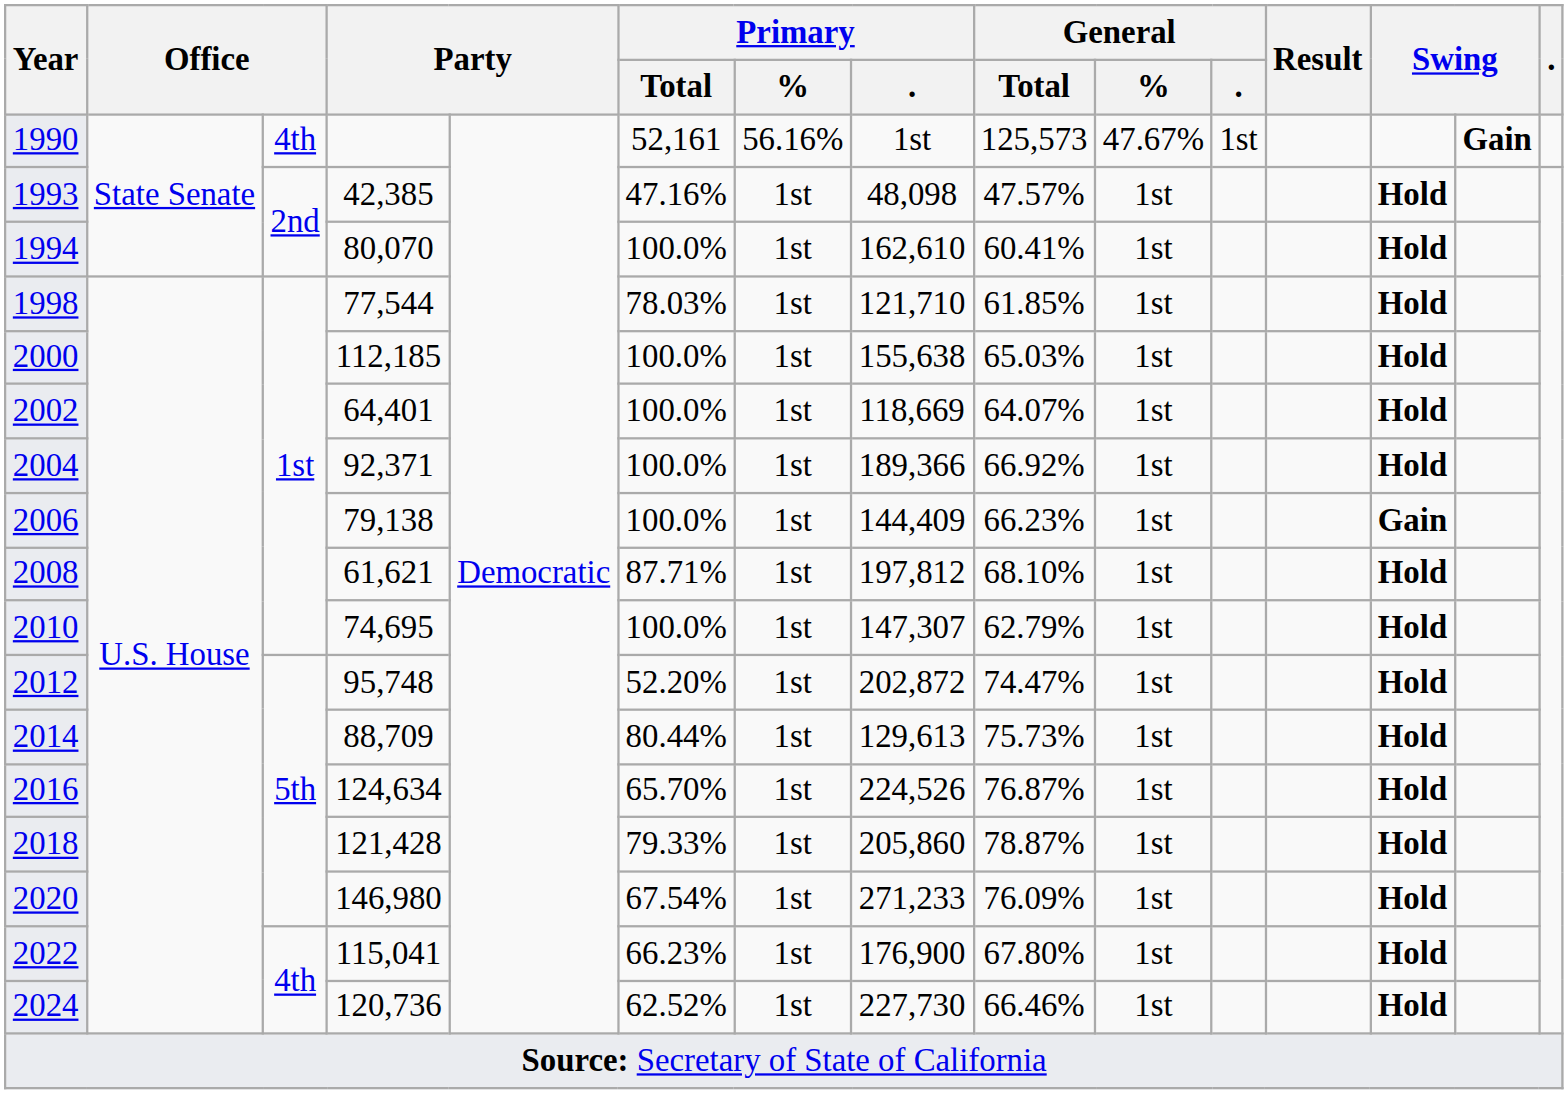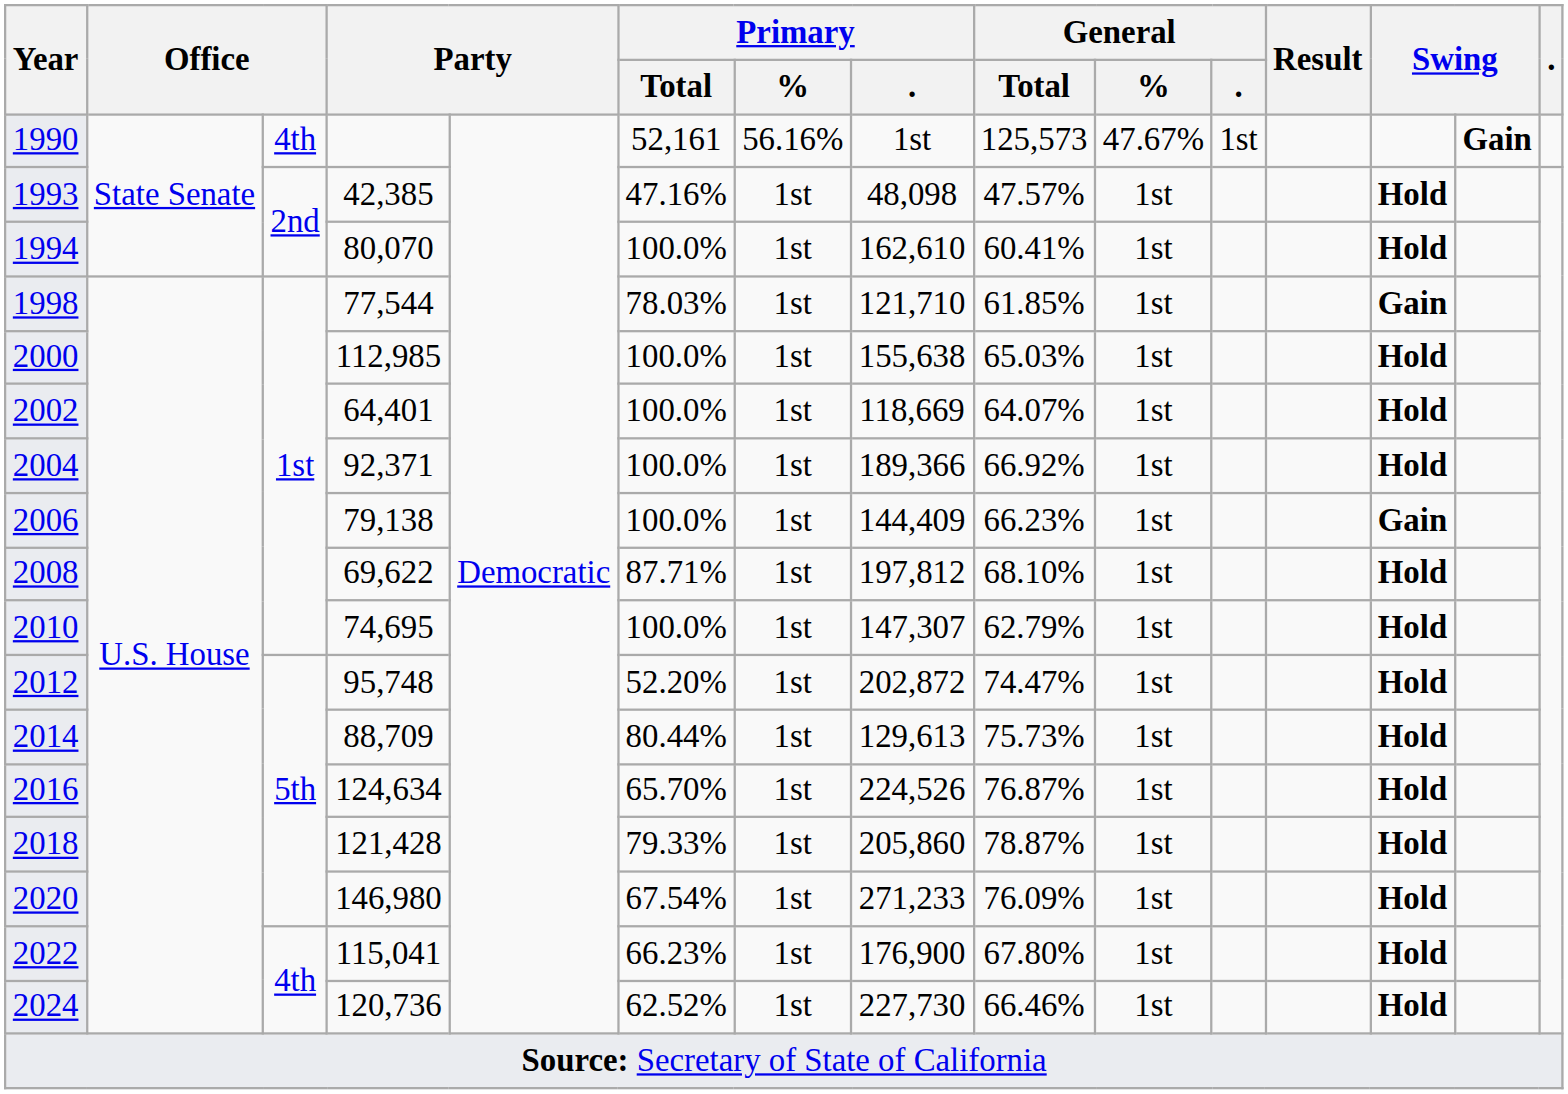 <table class="wikitable" style="font-size: 90%; text-align:center;">
 <tr>
 <th rowspan=2>Year</th>
 <th colspan=2 rowspan=2>Office</th>
 <th colspan=2 rowspan=2>Party</th>
 <th colspan=3><a href='#'>Primary</a></th>
 <th colspan=3>General</th>
 <th rowspan=2>Result</th>
 <th colspan=2 rowspan=2><a href='#'>Swing</a></th>
 <th rowspan=2>.</th>
 </tr>
 <tr>
 <th>Total</th>
 <th>%</th>
 <th>.</th>
 <th>Total</th>
 <th>%</th>
 <th>.</th>
 </tr>
 <tr>
 <td style="background-color:#EAECF0;"><a href='#'>1990</a></td>
 <td rowspan=3><a href='#'>State Senate</a></td>
 <td><a href='#'>4th</a></td>
 <td style="background-color:"></td>
 <td rowspan=17><a href='#'>Democratic</a></td>
 <td>52,161</td>
 <td>56.16%</td>
 <td>1st</td>
 <td>125,573</td>
 <td>47.67%</td>
 <td>1st</td>
 <td></td>
 <td style="background-color:"></td>
 <td><strong>Gain</strong></td>
 <td></td>
 </tr>
 <tr>
 <td style="background-color:#EAECF0;"><a href='#'>1993</a></td>
 <td rowspan=2><a href='#'>2nd</a></td>
 <td>42,385</td>
 <td>47.16%</td>
 <td>1st</td>
 <td>48,098</td>
 <td>47.57%</td>
 <td>1st</td>
 <td></td>
 <td style="background-color:"></td>
 <td><strong>Hold</strong></td>
 <td></td>
 </tr>
 <tr>
 <td style="background-color:#EAECF0;"><a href='#'>1994</a></td>
 <td>80,070</td>
 <td>100.0%</td>
 <td>1st</td>
 <td>162,610</td>
 <td>60.41%</td>
 <td>1st</td>
 <td></td>
 <td style="background-color:"></td>
 <td><strong>Hold</strong></td>
 <td></td>
 </tr>
 <tr>
 <td style="background-color:#EAECF0;"><a href='#'>1998</a></td>
 <td rowspan=14><a href='#'>U.S. House</a></td>
 <td rowspan=7><a href='#'>1st</a></td>
 <td>77,544</td>
 <td>78.03%</td>
 <td>1st</td>
 <td>121,710</td>
 <td>61.85%</td>
 <td>1st</td>
 <td></td>
 <td style="background-color:"></td>
-<td><strong>Hold</strong></td>
+<td><strong>Gain</strong></td>
 <td></td>
 </tr>
 <tr>
 <td style="background-color:#EAECF0;"><a href='#'>2000</a></td>
-<td>112,185</td>
+<td>112,985</td>
 <td>100.0%</td>
 <td>1st</td>
 <td>155,638</td>
 <td>65.03%</td>
 <td>1st</td>
 <td></td>
 <td style="background-color:"></td>
 <td><strong>Hold</strong></td>
 <td></td>
 </tr>
 <tr>
 <td style="background-color:#EAECF0;"><a href='#'>2002</a></td>
 <td>64,401</td>
 <td>100.0%</td>
 <td>1st</td>
 <td>118,669</td>
 <td>64.07%</td>
 <td>1st</td>
 <td></td>
 <td style="background-color:"></td>
 <td><strong>Hold</strong></td>
 <td></td>
 </tr>
 <tr>
 <td style="background-color:#EAECF0;"><a href='#'>2004</a></td>
 <td>92,371</td>
 <td>100.0%</td>
 <td>1st</td>
 <td>189,366</td>
 <td>66.92%</td>
 <td>1st</td>
 <td></td>
 <td style="background-color:"></td>
 <td><strong>Hold</strong></td>
 <td></td>
 </tr>
 <tr>
 <td style="background-color:#EAECF0;"><a href='#'>2006</a></td>
 <td>79,138</td>
 <td>100.0%</td>
 <td>1st</td>
 <td>144,409</td>
 <td>66.23%</td>
 <td>1st</td>
 <td></td>
 <td style="background-color:"></td>
 <td><strong>Gain</strong></td>
 <td></td>
 </tr>
 <tr>
 <td style="background-color:#EAECF0;"><a href='#'>2008</a></td>
-<td>61,621</td>
+<td>69,622</td>
 <td>87.71%</td>
 <td>1st</td>
 <td>197,812</td>
 <td>68.10%</td>
 <td>1st</td>
 <td></td>
 <td style="background-color:"></td>
 <td><strong>Hold</strong></td>
 <td></td>
 </tr>
 <tr>
 <td style="background-color:#EAECF0;"><a href='#'>2010</a></td>
 <td>74,695</td>
 <td>100.0%</td>
 <td>1st</td>
 <td>147,307</td>
 <td>62.79%</td>
 <td>1st</td>
 <td></td>
 <td style="background-color:"></td>
 <td><strong>Hold</strong></td>
 <td></td>
 </tr>
 <tr>
 <td style="background-color:#EAECF0;"><a href='#'>2012</a></td>
 <td rowspan=5><a href='#'>5th</a></td>
 <td>95,748</td>
 <td>52.20%</td>
 <td>1st</td>
 <td>202,872</td>
 <td>74.47%</td>
 <td>1st</td>
 <td></td>
 <td style="background-color:"></td>
 <td><strong>Hold</strong></td>
 <td></td>
 </tr>
 <tr>
 <td style="background-color:#EAECF0;"><a href='#'>2014</a></td>
 <td>88,709</td>
 <td>80.44%</td>
 <td>1st</td>
 <td>129,613</td>
 <td>75.73%</td>
 <td>1st</td>
 <td></td>
 <td style="background-color:"></td>
 <td><strong>Hold</strong></td>
 <td></td>
 </tr>
 <tr>
 <td style="background-color:#EAECF0;"><a href='#'>2016</a></td>
 <td>124,634</td>
 <td>65.70%</td>
 <td>1st</td>
 <td>224,526</td>
 <td>76.87%</td>
 <td>1st</td>
 <td></td>
 <td style="background-color:"></td>
 <td><strong>Hold</strong></td>
 <td></td>
 </tr>
 <tr>
 <td style="background-color:#EAECF0;"><a href='#'>2018</a></td>
 <td>121,428</td>
 <td>79.33%</td>
 <td>1st</td>
 <td>205,860</td>
 <td>78.87%</td>
 <td>1st</td>
 <td></td>
 <td style="background-color:"></td>
 <td><strong>Hold</strong></td>
 <td></td>
 </tr>
 <tr>
 <td style="background-color:#EAECF0;"><a href='#'>2020</a></td>
 <td>146,980</td>
 <td>67.54%</td>
 <td>1st</td>
 <td>271,233</td>
 <td>76.09%</td>
 <td>1st</td>
 <td></td>
 <td style="background-color:"></td>
 <td><strong>Hold</strong></td>
 <td></td>
 </tr>
 <tr>
 <td style="background-color:#EAECF0;"><a href='#'>2022</a></td>
 <td rowspan=2><a href='#'>4th</a></td>
 <td>115,041</td>
 <td>66.23%</td>
 <td>1st</td>
 <td>176,900</td>
 <td>67.80%</td>
 <td>1st</td>
 <td></td>
 <td style="background-color:"></td>
 <td><strong>Hold</strong></td>
 <td></td>
 </tr>
 <tr>
 <td style="background-color:#EAECF0;"><a href='#'>2024</a></td>
 <td>120,736</td>
 <td>62.52%</td>
 <td>1st</td>
 <td>227,730</td>
 <td>66.46%</td>
 <td>1st</td>
 <td></td>
 <td style="background-color:"></td>
 <td><strong>Hold</strong></td>
 <td></td>
 </tr>
 <tr>
 <td style="background-color:#EAECF0;" colspan=15><strong>Source:</strong> <a href='#'>Secretary of State of California</a>  </td>
 </tr>
 </table>
